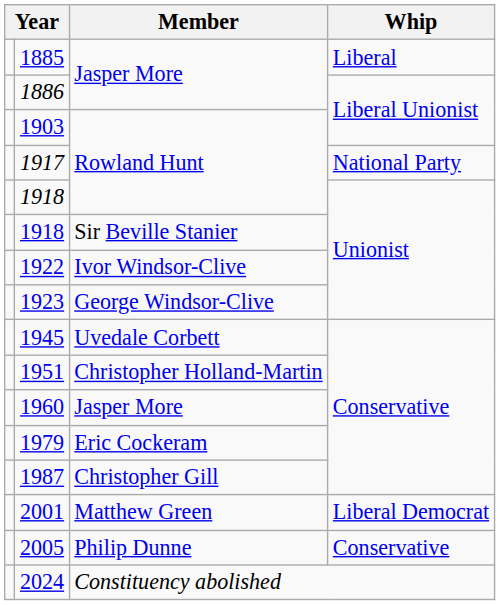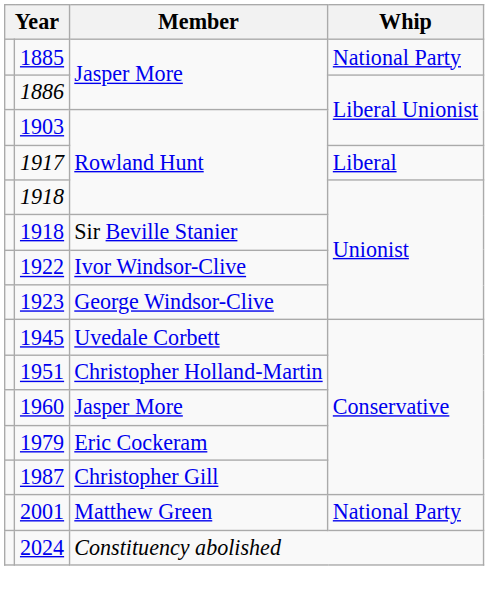 <table class="wikitable">
 <tr>
 <th colspan="2">Year</th>
 <th>Member</th>
 <th>Whip</th>
 </tr>
 <tr>
 <td style="color:inherit;background-color: "></td>
 <td><a href='#'>1885</a></td>
 <td rowspan="2"><a href='#'>Jasper More</a></td>
-<td><a href='#'>Liberal</a></td>
+<td><a href='#'>National Party</a></td>
 </tr>
 <tr>
 <td style="color:inherit;background-color: "></td>
 <td><em>1886</em></td>
 <td rowspan="2"><a href='#'>Liberal Unionist</a></td>
 </tr>
 <tr>
 <td style="color:inherit;background-color: "></td>
 <td><a href='#'>1903</a></td>
 <td rowspan="3"><a href='#'>Rowland Hunt</a></td>
 </tr>
 <tr>
 <td style="color:inherit;background-color: "></td>
 <td><em>1917</em></td>
-<td><a href='#'>National Party</a></td>
+<td><a href='#'>Liberal</a></td>
 </tr>
 <tr>
 <td style="color:inherit;background-color: "></td>
 <td><em>1918</em></td>
 <td rowspan="4"><a href='#'>Unionist</a></td>
 </tr>
 <tr>
 <td style="color:inherit;background-color: "></td>
 <td><a href='#'>1918</a></td>
 <td>Sir <a href='#'>Beville Stanier</a></td>
 </tr>
 <tr>
 <td style="color:inherit;background-color: "></td>
 <td><a href='#'>1922</a></td>
 <td><a href='#'>Ivor Windsor-Clive</a></td>
 </tr>
 <tr>
 <td style="color:inherit;background-color: "></td>
 <td><a href='#'>1923</a></td>
 <td><a href='#'>George Windsor-Clive</a></td>
 </tr>
 <tr>
 <td style="color:inherit;background-color: "></td>
 <td><a href='#'>1945</a></td>
 <td><a href='#'>Uvedale Corbett</a></td>
 <td rowspan="5"><a href='#'>Conservative</a></td>
 </tr>
 <tr>
 <td style="color:inherit;background-color: "></td>
 <td><a href='#'>1951</a></td>
 <td><a href='#'>Christopher Holland-Martin</a></td>
 </tr>
 <tr>
 <td style="color:inherit;background-color: "></td>
 <td><a href='#'>1960</a></td>
 <td><a href='#'>Jasper More</a></td>
 </tr>
 <tr>
 <td style="color:inherit;background-color: "></td>
 <td><a href='#'>1979</a></td>
 <td><a href='#'>Eric Cockeram</a></td>
 </tr>
 <tr>
 <td style="color:inherit;background-color: "></td>
 <td><a href='#'>1987</a></td>
 <td><a href='#'>Christopher Gill</a></td>
 </tr>
 <tr>
 <td style="color:inherit;background-color: "></td>
 <td><a href='#'>2001</a></td>
 <td><a href='#'>Matthew Green</a></td>
-<td><a href='#'>Liberal Democrat</a></td>
-</tr>
-<tr>
-<td style="color:inherit;background-color: "></td>
-<td><a href='#'>2005</a></td>
-<td><a href='#'>Philip Dunne</a></td>
-<td><a href='#'>Conservative</a></td>
+<td><a href='#'>National Party</a></td>
 </tr>
 <tr>
 <td></td>
 <td><a href='#'>2024</a></td>
 <td colspan="2"><em>Constituency abolished</em></td>
 </tr>
 </table>
